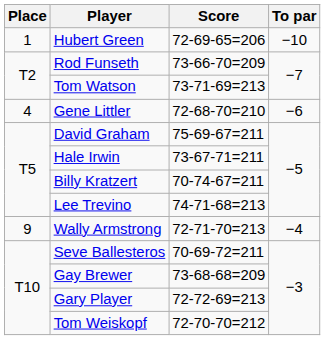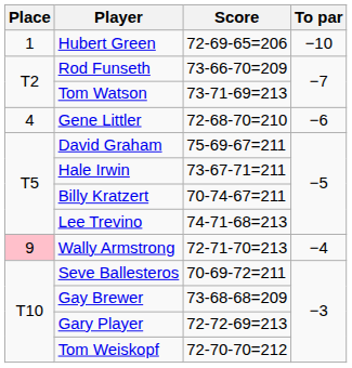 <table class="wikitable">
 <tr>
 <th>Place</th>
 <th>Player</th>
 <th>Score</th>
 <th>To par</th>
 </tr>
 <tr>
 <td align="center">1</td>
 <td> <a href='#'>Hubert Green</a></td>
 <td>72-69-65=206</td>
 <td align="center">−10</td>
 </tr>
 <tr>
 <td rowspan=2 align="center">T2</td>
 <td> <a href='#'>Rod Funseth</a></td>
 <td>73-66-70=209</td>
 <td rowspan=2 align="center">−7</td>
 </tr>
 <tr>
 <td> <a href='#'>Tom Watson</a></td>
 <td>73-71-69=213</td>
 </tr>
 <tr>
 <td align="center">4</td>
 <td> <a href='#'>Gene Littler</a></td>
 <td>72-68-70=210</td>
 <td align="center">−6</td>
 </tr>
 <tr>
 <td rowspan=4 align="center">T5</td>
 <td> <a href='#'>David Graham</a></td>
 <td>75-69-67=211</td>
 <td rowspan=4 align="center">−5</td>
 </tr>
 <tr>
 <td> <a href='#'>Hale Irwin</a></td>
 <td>73-67-71=211</td>
 </tr>
 <tr>
 <td> <a href='#'>Billy Kratzert</a></td>
 <td>70-74-67=211</td>
 </tr>
 <tr>
 <td> <a href='#'>Lee Trevino</a></td>
 <td>74-71-68=213</td>
 </tr>
 <tr>
-<td align="center">9</td>
+<td align="center" style="background: pink;">9</td>
 <td> <a href='#'>Wally Armstrong</a></td>
 <td>72-71-70=213</td>
 <td align="center">−4</td>
 </tr>
 <tr>
 <td rowspan=4 align="center">T10</td>
 <td> <a href='#'>Seve Ballesteros</a></td>
 <td>70-69-72=211</td>
 <td rowspan=4 align="center">−3</td>
 </tr>
 <tr>
 <td> <a href='#'>Gay Brewer</a></td>
 <td>73-68-68=209</td>
 </tr>
 <tr>
 <td> <a href='#'>Gary Player</a></td>
 <td>72-72-69=213</td>
 </tr>
 <tr>
 <td> <a href='#'>Tom Weiskopf</a></td>
 <td>72-70-70=212</td>
 </tr>
 </table>
